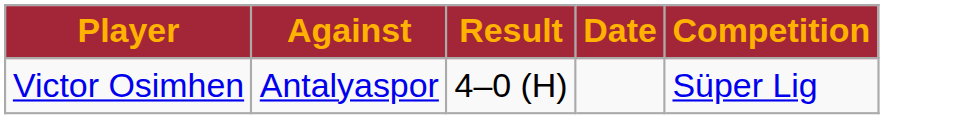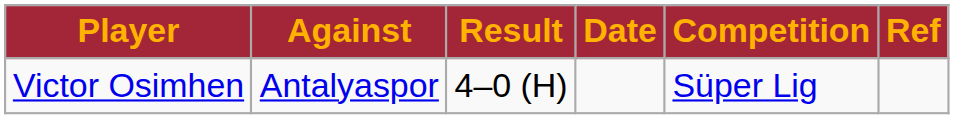 <table class="wikitable">
 <tr>
 <th style="background:#A32638; color:#FFB300; ">Player</th>
 <th style="background:#A32638; color:#FFB300; ">Against</th>
 <th style="background:#A32638; color:#FFB300; text-align:center; ">Result</th>
 <th style="background:#A32638; color:#FFB300; ">Date</th>
 <th style="background:#A32638; color:#FFB300; text-align:center; ">Competition</th>
+<th style="background:#A32638; color:#FFB300; ">Ref</th>
 </tr>
 <tr>
 <td> <a href='#'>Victor Osimhen</a></td>
 <td><a href='#'>Antalyaspor</a></td>
 <td>4–0 (H)</td>
 <td></td>
 <td><a href='#'>Süper Lig</a></td>
+<td></td>
 </tr>
 </table>
